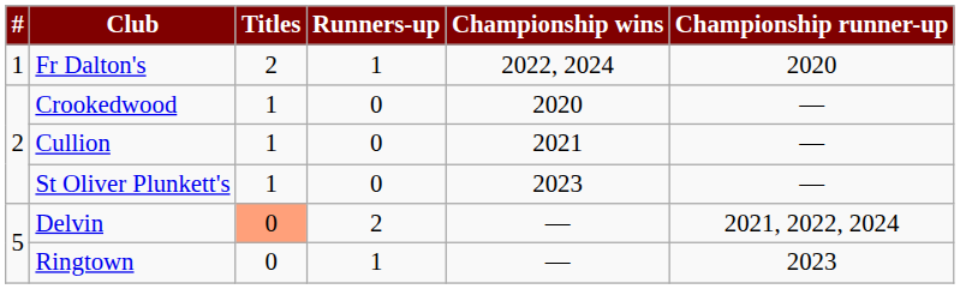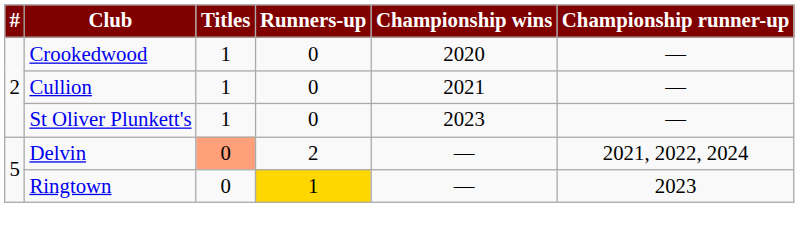 <table class="wikitable sortable" style="text-align:center">
 <tr>
 <th style="background:maroon;color:white">#</th>
 <th style="background:maroon;color:white">Club</th>
 <th style="background:maroon;color:white">Titles</th>
 <th style="background:maroon;color:white">Runners-up</th>
 <th style="background:maroon;color:white">Championship wins</th>
 <th style="background:maroon;color:white">Championship runner-up</th>
-</tr>
-<tr>
-<td>1</td>
-<td style="text-align:left"> <a href='#'>Fr Dalton's</a></td>
-<td>2</td>
-<td>1</td>
-<td>2022, 2024</td>
-<td>2020</td>
 </tr>
 <tr>
 <td rowspan="3">2</td>
 <td style="text-align:left"> <a href='#'>Crookedwood</a></td>
 <td>1</td>
 <td>0</td>
 <td>2020</td>
 <td>—</td>
 </tr>
 <tr>
 <td style="text-align:left"> <a href='#'>Cullion</a></td>
 <td>1</td>
 <td>0</td>
 <td>2021</td>
 <td>—</td>
 </tr>
 <tr>
 <td style="text-align:left"> <a href='#'>St Oliver Plunkett's</a></td>
 <td>1</td>
 <td>0</td>
 <td>2023</td>
 <td>—</td>
 </tr>
 <tr>
 <td rowspan="2">5</td>
 <td style="text-align:left"> <a href='#'>Delvin</a></td>
 <td style="background: lightsalmon;">0</td>
 <td>2</td>
 <td>—</td>
 <td>2021, 2022, 2024</td>
 </tr>
 <tr>
 <td style="text-align:left"> <a href='#'>Ringtown</a></td>
 <td>0</td>
-<td>1</td>
+<td style="background: gold;">1</td>
 <td>—</td>
 <td>2023</td>
 </tr>
 </table>
